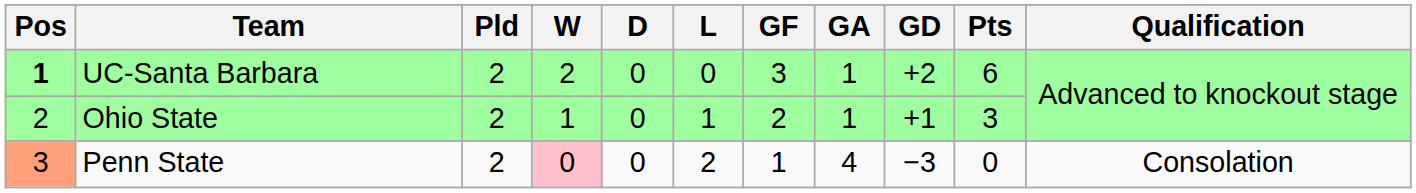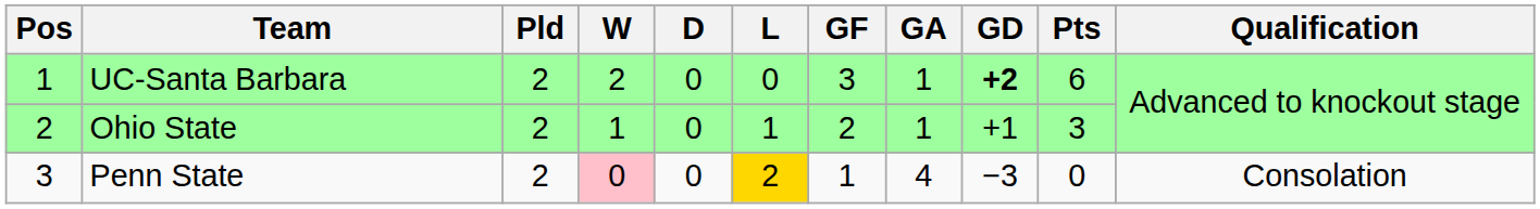 <table class="wikitable" style="text-align:center; margin: 1em auto">
 <tr>
 <th style="width:2em">Pos</th>
 <th style="width:13em">Team</th>
 <th style="width:2em">Pld</th>
 <th style="width:2em">W</th>
 <th style="width:2em">D</th>
 <th style="width:2em">L</th>
 <th style="width:2em">GF</th>
 <th style="width:2em">GA</th>
 <th style="width:2em">GD</th>
 <th style="width:2em">Pts</th>
 <th style="width:13em">Qualification</th>
 </tr>
 <tr bgcolor="#9eff9e">
-<td><strong>1</strong></td>
+<td>1</td>
 <td style="text-align:left">UC-Santa Barbara</td>
 <td>2</td>
 <td>2</td>
 <td>0</td>
 <td>0</td>
 <td>3</td>
 <td>1</td>
-<td>+2</td>
+<td><strong>+2</strong></td>
 <td>6</td>
 <td rowspan="2">Advanced to knockout stage</td>
 </tr>
 <tr bgcolor="#9eff9e">
 <td>2</td>
 <td style="text-align:left">Ohio State</td>
 <td>2</td>
 <td>1</td>
 <td>0</td>
 <td>1</td>
 <td>2</td>
 <td>1</td>
 <td>+1</td>
 <td>3</td>
 </tr>
 <tr>
-<td style="background: lightsalmon;">3</td>
+<td>3</td>
 <td style="text-align:left">Penn State</td>
 <td>2</td>
 <td style="background: pink;">0</td>
 <td>0</td>
-<td>2</td>
+<td style="background: gold;">2</td>
 <td>1</td>
 <td>4</td>
 <td>−3</td>
 <td>0</td>
 <td>Consolation</td>
 </tr>
 </table>
